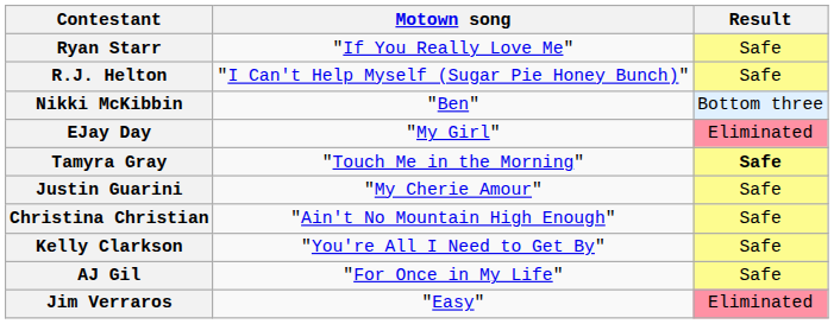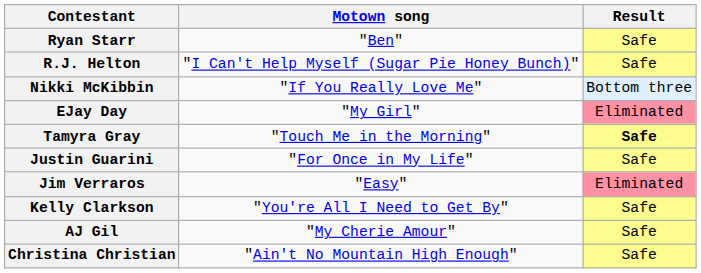 <table class="wikitable unsortable" style="text-align:center;">
 <tr>
 <th scope="col">Contestant</th>
 <th scope="col"><a href='#'>Motown</a> song</th>
 <th scope="col">Result</th>
 </tr>
 <tr>
 <th scope="row">Ryan Starr</th>
-<td>"<a href='#'>If You Really Love Me</a>"</td>
+<td>"<a href='#'>Ben</a>"</td>
 <td style="background:#FDFC8F;">Safe</td>
 </tr>
 <tr>
 <th scope="row">R.J. Helton</th>
 <td>"<a href='#'>I Can't Help Myself (Sugar Pie Honey Bunch)</a>"</td>
 <td style="background:#FDFC8F;">Safe</td>
 </tr>
 <tr>
 <th scope="row">Nikki McKibbin</th>
-<td>"<a href='#'>Ben</a>"</td>
+<td>"<a href='#'>If You Really Love Me</a>"</td>
 <td style="background:#E0F0FF;">Bottom three</td>
 </tr>
 <tr>
 <th scope="row">EJay Day</th>
 <td>"<a href='#'>My Girl</a>"</td>
 <td bgcolor="FF91A4">Eliminated</td>
 </tr>
 <tr>
 <th scope="row">Tamyra Gray</th>
 <td>"<a href='#'>Touch Me in the Morning</a>"</td>
 <td style="background:#FDFC8F;"><strong>Safe</strong></td>
 </tr>
 <tr>
 <th scope="row">Justin Guarini</th>
+<td>"<a href='#'>For Once in My Life</a>"</td>
+<td style="background:#FDFC8F;">Safe</td>
+</tr>
+<tr>
+<th scope="row">Jim Verraros</th>
+<td>"<a href='#'>Easy</a>"</td>
+<td bgcolor="FF91A4">Eliminated</td>
+</tr>
+<tr>
+<th scope="row">Kelly Clarkson</th>
+<td>"<a href='#'>You're All I Need to Get By</a>"</td>
+<td style="background:#FDFC8F;">Safe</td>
+</tr>
+<tr>
+<th scope="row">AJ Gil</th>
 <td>"<a href='#'>My Cherie Amour</a>"</td>
 <td style="background:#FDFC8F;">Safe</td>
 </tr>
 <tr>
 <th scope="row">Christina Christian</th>
 <td>"<a href='#'>Ain't No Mountain High Enough</a>"</td>
 <td style="background:#FDFC8F;">Safe</td>
 </tr>
-<tr>
-<th scope="row">Kelly Clarkson</th>
-<td>"<a href='#'>You're All I Need to Get By</a>"</td>
-<td style="background:#FDFC8F;">Safe</td>
-</tr>
-<tr>
-<th scope="row">AJ Gil</th>
-<td>"<a href='#'>For Once in My Life</a>"</td>
-<td style="background:#FDFC8F;">Safe</td>
-</tr>
-<tr>
-<th scope="row">Jim Verraros</th>
-<td>"<a href='#'>Easy</a>"</td>
-<td bgcolor="FF91A4">Eliminated</td>
-</tr>
 </table>
